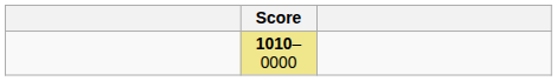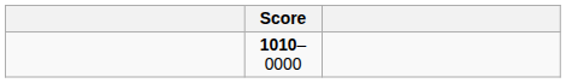 <table class="wikitable" style="text-align: center; font-size:90% ">
 <tr>
 <th align="right" width="200"></th>
 <th width="60">Score</th>
 <th align="left" width="200"></th>
 </tr>
 <tr>
 <td align="left"><strong></strong></td>
-<td style="background: khaki;"><strong>1010</strong>–0000</td>
+<td><strong>1010</strong>–0000</td>
 <td align="left"></td>
 </tr>
 </table>
